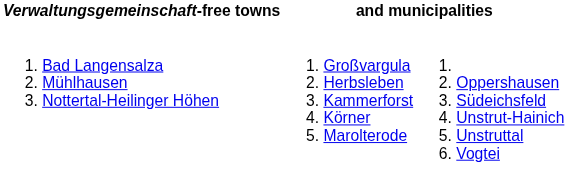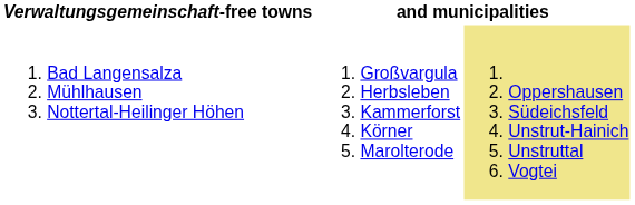 <table>
 <tr ---->
 <th><em>Verwaltungsgemeinschaft</em>-free towns</th>
 <th colspan=2>and municipalities</th>
 </tr>
 <tr>
 <td valign=top><br><ol><li><a href='#'>Bad Langensalza</a></li><li><a href='#'>Mühlhausen</a></li><li><a href='#'>Nottertal-Heilinger Höhen</a></li></ol></td>
 <td valign=top><br><ol><li><a href='#'>Großvargula</a></li><li><a href='#'>Herbsleben</a></li><li><a href='#'>Kammerforst</a></li><li><a href='#'>Körner</a></li><li><a href='#'>Marolterode</a></li></ol></td>
-<td valign=top><br><ol><li><li><a href='#'>Oppershausen</a></li><li><a href='#'>Südeichsfeld</a></li><li><a href='#'>Unstrut-Hainich</a></li><li><a href='#'>Unstruttal</a></li><li><a href='#'>Vogtei</a></li></ol></td>
+<td valign=top style="background: khaki;"><br><ol><li><li><a href='#'>Oppershausen</a></li><li><a href='#'>Südeichsfeld</a></li><li><a href='#'>Unstrut-Hainich</a></li><li><a href='#'>Unstruttal</a></li><li><a href='#'>Vogtei</a></li></ol></td>
 </tr>
 </table>
